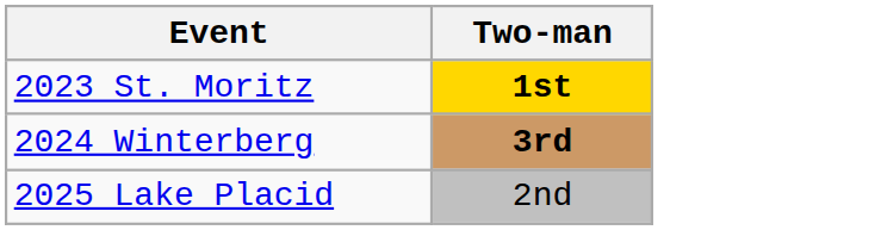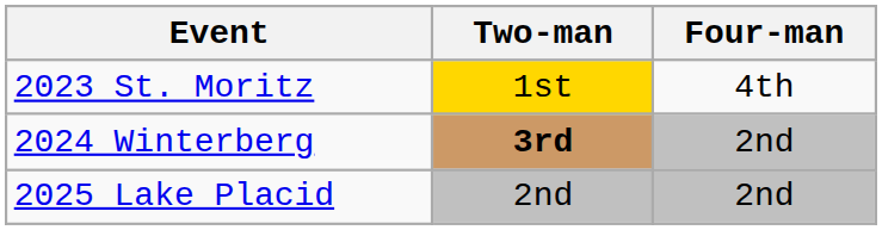 <table class="wikitable" style="text-align:center">
 <tr>
 <th style="width:160px">Event</th>
 <th style="width:80px">Two-man</th>
+<th style="width:80px">Four-man</th>
 </tr>
 <tr>
 <td style="text-align:left"> <a href='#'>2023 St. Moritz</a></td>
-<td style="background:gold"><strong>1st</strong></td>
+<td style="background:gold">1st</td>
+<td>4th</td>
 </tr>
 <tr>
 <td style="text-align:left"> <a href='#'>2024 Winterberg</a></td>
 <td style="background:#CC9966"><strong>3rd</strong></td>
+<td style="background:silver">2nd</td>
 </tr>
 <tr>
 <td style="text-align:left"> <a href='#'>2025 Lake Placid</a></td>
 <td style="background:silver">2nd</td>
+<td style="background:silver">2nd</td>
 </tr>
 </table>
